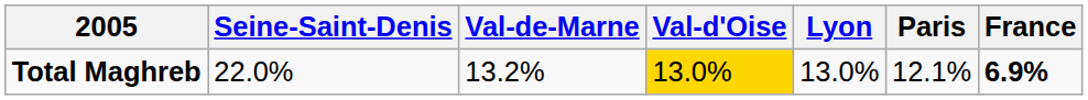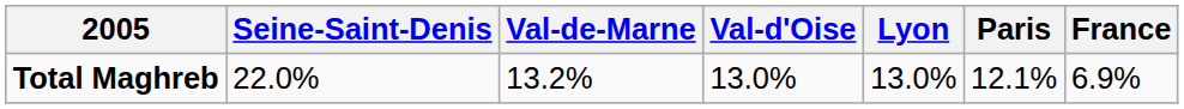 <table class="wikitable">
 <tr>
 <th>2005</th>
 <th><a href='#'>Seine-Saint-Denis</a></th>
 <th><a href='#'>Val-de-Marne</a></th>
 <th><a href='#'>Val-d'Oise</a></th>
 <th><a href='#'>Lyon</a></th>
 <th>Paris</th>
 <th>France</th>
 </tr>
 <tr>
 <td><strong>Total Maghreb</strong></td>
 <td>22.0%</td>
 <td>13.2%</td>
-<td style="background: gold;">13.0%</td>
+<td>13.0%</td>
 <td>13.0%</td>
 <td>12.1%</td>
-<td><strong>6.9%</strong></td>
+<td>6.9%</td>
 </tr>
 </table>
